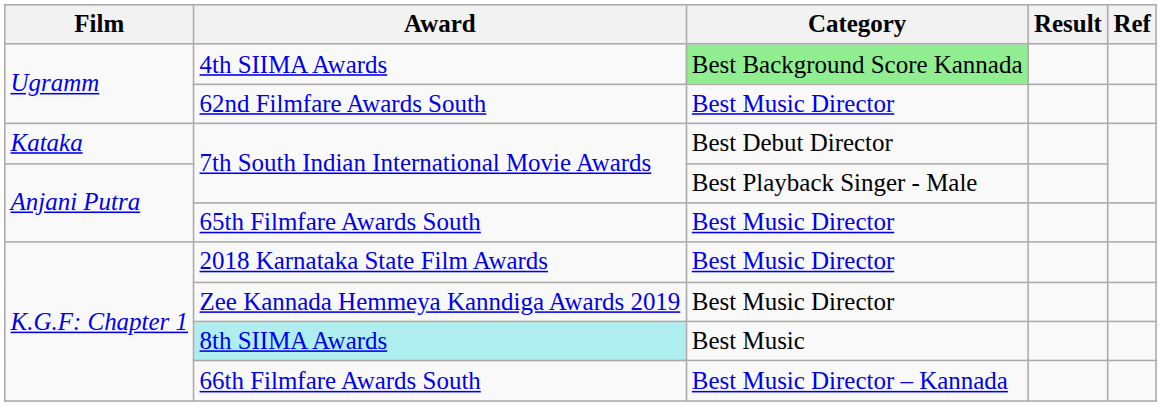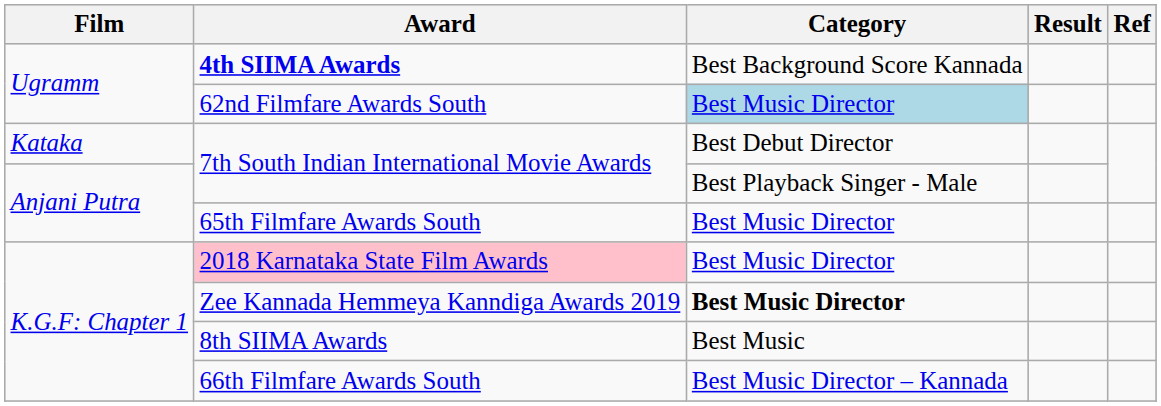 <table class="wikitable">
 <tr>
 <th>Film</th>
 <th>Award</th>
 <th>Category</th>
 <th>Result</th>
 <th>Ref</th>
 </tr>
 <tr>
 <td rowspan=2><em><a href='#'>Ugramm</a></em></td>
-<td><a href='#'>4th SIIMA Awards</a></td>
-<td style="background: lightgreen;">Best Background Score Kannada</td>
+<td><strong><a href='#'>4th SIIMA Awards</a></strong></td>
+<td>Best Background Score Kannada</td>
 <td></td>
 <td></td>
 </tr>
 <tr>
 <td><a href='#'>62nd Filmfare Awards South</a></td>
-<td><a href='#'>Best Music Director</a></td>
+<td style="background: lightblue;"><a href='#'>Best Music Director</a></td>
 <td></td>
 <td></td>
 </tr>
 <tr>
 <td><em><a href='#'>Kataka</a></em></td>
 <td rowspan=2><a href='#'>7th South Indian International Movie Awards</a></td>
 <td>Best Debut Director</td>
 <td></td>
 <td rowspan=2></td>
 </tr>
 <tr>
 <td rowspan=2><em><a href='#'>Anjani Putra</a></em></td>
 <td>Best Playback Singer - Male</td>
 <td></td>
 </tr>
 <tr>
 <td><a href='#'>65th Filmfare Awards South</a></td>
 <td><a href='#'>Best Music Director</a></td>
 <td></td>
 <td></td>
 </tr>
 <tr>
 <td rowspan=4><em><a href='#'>K.G.F: Chapter 1</a></em></td>
-<td><a href='#'>2018 Karnataka State Film Awards</a></td>
+<td style="background: pink;"><a href='#'>2018 Karnataka State Film Awards</a></td>
 <td><a href='#'>Best Music Director</a></td>
 <td></td>
 <td></td>
 </tr>
 <tr>
 <td><a href='#'>Zee Kannada Hemmeya Kanndiga Awards 2019</a></td>
-<td>Best Music Director</td>
+<td><strong>Best Music Director</strong></td>
 <td></td>
 <td></td>
 </tr>
 <tr>
-<td style="background: paleturquoise;"><a href='#'>8th SIIMA Awards</a></td>
+<td><a href='#'>8th SIIMA Awards</a></td>
 <td>Best Music</td>
 <td></td>
 <td></td>
 </tr>
 <tr>
 <td><a href='#'>66th Filmfare Awards South</a></td>
 <td><a href='#'>Best Music Director – Kannada</a></td>
 <td></td>
 <td></td>
 </tr>
 </table>
